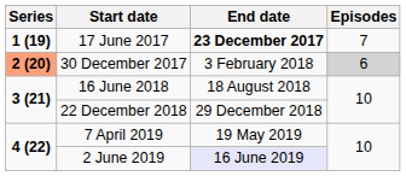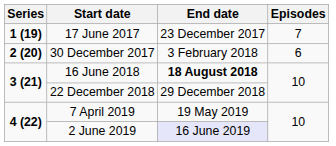 <table class="wikitable" style="text-align:center;">
 <tr>
 <th>Series</th>
 <th>Start date</th>
 <th>End date</th>
 <th>Episodes</th>
 </tr>
 <tr>
 <td><strong>1 (19)</strong></td>
 <td>17 June 2017</td>
-<td><strong>23 December 2017</strong></td>
+<td>23 December 2017</td>
 <td>7</td>
 </tr>
 <tr>
-<td style="background: lightsalmon;"><strong>2 (20)</strong></td>
+<td><strong>2 (20)</strong></td>
 <td>30 December 2017</td>
 <td>3 February 2018</td>
-<td style="background: lightgrey;">6</td>
+<td>6</td>
 </tr>
 <tr>
 <td rowspan="2"><strong>3 (21)</strong></td>
 <td>16 June 2018</td>
-<td>18 August 2018</td>
+<td><strong>18 August 2018</strong></td>
 <td rowspan="2">10</td>
 </tr>
 <tr>
 <td>22 December 2018</td>
 <td>29 December 2018</td>
 </tr>
 <tr>
 <td rowspan="2"><strong>4 (22)</strong></td>
 <td>7 April 2019</td>
 <td>19 May 2019</td>
 <td rowspan="2">10</td>
 </tr>
 <tr>
 <td>2 June 2019</td>
 <td style="background: lavender;">16 June 2019</td>
 </tr>
 </table>
